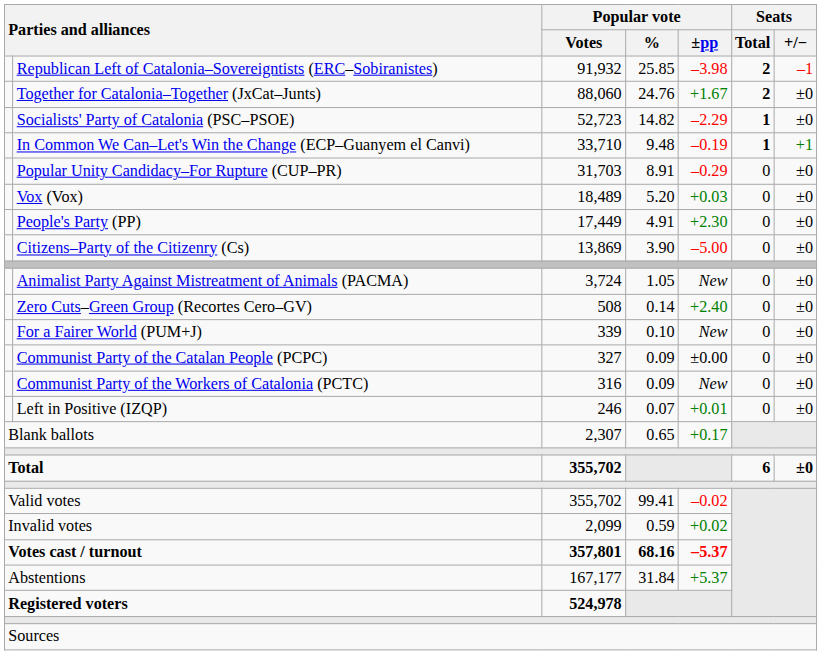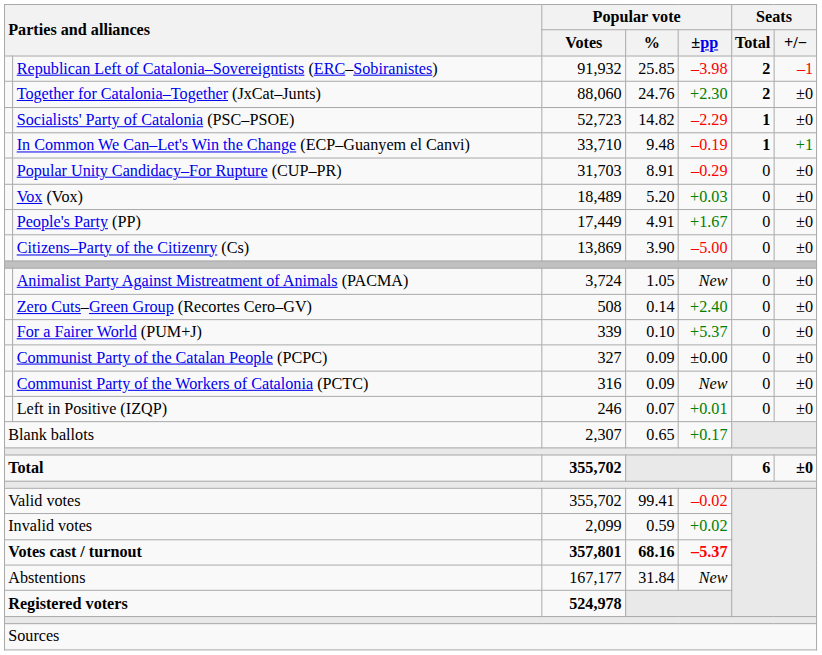 <table class="wikitable" style="text-align:right;">
 <tr>
 <th style="text-align:left;" rowspan="2" colspan="2" width="525">Parties and alliances</th>
 <th colspan="3">Popular vote</th>
 <th colspan="2">Seats</th>
 </tr>
 <tr>
 <th width="75">Votes</th>
 <th width="45">%</th>
 <th width="45">±<a href='#'>pp</a></th>
 <th width="35">Total</th>
 <th width="35">+/−</th>
 </tr>
 <tr>
 <td width="1" style="color:inherit;background:"></td>
 <td align="left"><a href='#'>Republican Left of Catalonia–Sovereigntists</a> (<a href='#'>ERC</a>–<a href='#'>Sobiranistes</a>)</td>
 <td>91,932</td>
 <td>25.85</td>
 <td style="color:red;">–3.98</td>
 <td><strong>2</strong></td>
 <td style="color:red;">–1</td>
 </tr>
 <tr>
 <td style="color:inherit;background:"></td>
 <td align="left"><a href='#'>Together for Catalonia–Together</a> (JxCat–Junts)</td>
 <td>88,060</td>
 <td>24.76</td>
-<td style="color:green;">+1.67</td>
+<td style="color:green;">+2.30</td>
 <td><strong>2</strong></td>
 <td>±0</td>
 </tr>
 <tr>
 <td style="color:inherit;background:"></td>
 <td align="left"><a href='#'>Socialists' Party of Catalonia</a> (PSC–PSOE)</td>
 <td>52,723</td>
 <td>14.82</td>
 <td style="color:red;">–2.29</td>
 <td><strong>1</strong></td>
 <td>±0</td>
 </tr>
 <tr>
 <td style="color:inherit;background:"></td>
 <td align="left"><a href='#'>In Common We Can–Let's Win the Change</a> (ECP–Guanyem el Canvi)</td>
 <td>33,710</td>
 <td>9.48</td>
 <td style="color:red;">–0.19</td>
 <td><strong>1</strong></td>
 <td style="color:green;">+1</td>
 </tr>
 <tr>
 <td style="color:inherit;background:"></td>
 <td align="left"><a href='#'>Popular Unity Candidacy–For Rupture</a> (CUP–PR)</td>
 <td>31,703</td>
 <td>8.91</td>
 <td style="color:red;">–0.29</td>
 <td>0</td>
 <td>±0</td>
 </tr>
 <tr>
 <td style="color:inherit;background:"></td>
 <td align="left"><a href='#'>Vox</a> (Vox)</td>
 <td>18,489</td>
 <td>5.20</td>
 <td style="color:green;">+0.03</td>
 <td>0</td>
 <td>±0</td>
 </tr>
 <tr>
 <td style="color:inherit;background:"></td>
 <td align="left"><a href='#'>People's Party</a> (PP)</td>
 <td>17,449</td>
 <td>4.91</td>
-<td style="color:green;">+2.30</td>
+<td style="color:green;">+1.67</td>
 <td>0</td>
 <td>±0</td>
 </tr>
 <tr>
 <td style="color:inherit;background:"></td>
 <td align="left"><a href='#'>Citizens–Party of the Citizenry</a> (Cs)</td>
 <td>13,869</td>
 <td>3.90</td>
 <td style="color:red;">–5.00</td>
 <td>0</td>
 <td>±0</td>
 </tr>
 <tr>
 <td colspan="7" bgcolor="#C0C0C0"></td>
 </tr>
 <tr>
 <td style="color:inherit;background:"></td>
 <td align="left"><a href='#'>Animalist Party Against Mistreatment of Animals</a> (PACMA)</td>
 <td>3,724</td>
 <td>1.05</td>
 <td><em>New</em></td>
 <td>0</td>
 <td>±0</td>
 </tr>
 <tr>
 <td style="color:inherit;background:"></td>
 <td align="left"><a href='#'>Zero Cuts</a>–<a href='#'>Green Group</a> (Recortes Cero–GV)</td>
 <td>508</td>
 <td>0.14</td>
 <td style="color:green;">+2.40</td>
 <td>0</td>
 <td>±0</td>
 </tr>
 <tr>
 <td style="color:inherit;background:"></td>
 <td align="left"><a href='#'>For a Fairer World</a> (PUM+J)</td>
 <td>339</td>
 <td>0.10</td>
-<td><em>New</em></td>
+<td style="color:green;">+5.37</td>
 <td>0</td>
 <td>±0</td>
 </tr>
 <tr>
 <td style="color:inherit;background:"></td>
 <td align="left"><a href='#'>Communist Party of the Catalan People</a> (PCPC)</td>
 <td>327</td>
 <td>0.09</td>
 <td>±0.00</td>
 <td>0</td>
 <td>±0</td>
 </tr>
 <tr>
 <td style="color:inherit;background:"></td>
 <td align="left"><a href='#'>Communist Party of the Workers of Catalonia</a> (PCTC)</td>
 <td>316</td>
 <td>0.09</td>
 <td><em>New</em></td>
 <td>0</td>
 <td>±0</td>
 </tr>
 <tr>
 <td style="color:inherit;background:"></td>
 <td align="left">Left in Positive (IZQP)</td>
 <td>246</td>
 <td>0.07</td>
 <td style="color:green;">+0.01</td>
 <td>0</td>
 <td>±0</td>
 </tr>
 <tr>
 <td align="left" colspan="2">Blank ballots</td>
 <td>2,307</td>
 <td>0.65</td>
 <td style="color:green;">+0.17</td>
 <td bgcolor="#E9E9E9" colspan="2"></td>
 </tr>
 <tr>
 <td colspan="7" bgcolor="#E9E9E9"></td>
 </tr>
 <tr style="font-weight:bold;">
 <td align="left" colspan="2">Total</td>
 <td>355,702</td>
 <td bgcolor="#E9E9E9" colspan="2"></td>
 <td>6</td>
 <td>±0</td>
 </tr>
 <tr>
 <td colspan="7" bgcolor="#E9E9E9"></td>
 </tr>
 <tr>
 <td align="left" colspan="2">Valid votes</td>
 <td>355,702</td>
 <td>99.41</td>
 <td style="color:red;">–0.02</td>
 <td bgcolor="#E9E9E9" colspan="2" rowspan="5"></td>
 </tr>
 <tr>
 <td align="left" colspan="2">Invalid votes</td>
 <td>2,099</td>
 <td>0.59</td>
 <td style="color:green;">+0.02</td>
 </tr>
 <tr style="font-weight:bold;">
 <td align="left" colspan="2">Votes cast / turnout</td>
 <td>357,801</td>
 <td>68.16</td>
 <td style="color:red;">–5.37</td>
 </tr>
 <tr>
 <td align="left" colspan="2">Abstentions</td>
 <td>167,177</td>
 <td>31.84</td>
-<td style="color:green;">+5.37</td>
+<td><em>New</em></td>
 </tr>
 <tr style="font-weight:bold;">
 <td align="left" colspan="2">Registered voters</td>
 <td>524,978</td>
 <td bgcolor="#E9E9E9" colspan="2"></td>
 </tr>
 <tr>
 <td colspan="7" bgcolor="#E9E9E9"></td>
 </tr>
 <tr>
 <td align="left" colspan="7">Sources</td>
 </tr>
 </table>
